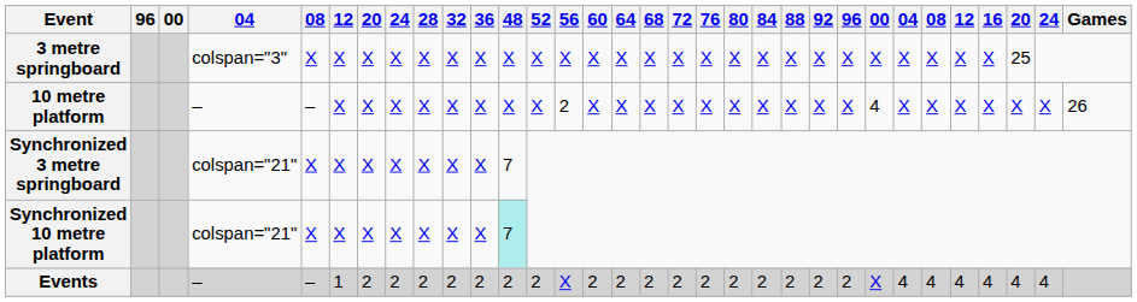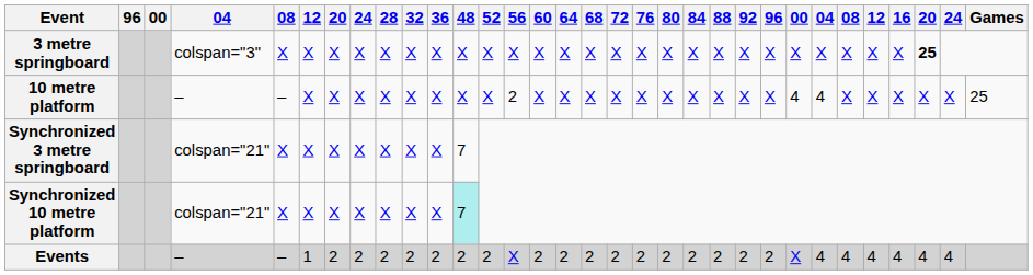 <table class="wikitable plainrowheaders defaultcenter sticky-header">
 <tr>
 <th scope="col">Event</th>
 <th scope="col"><span>96</span></th>
 <th scope="col"><span>00</span></th>
 <th scope="col"><a href='#'>04</a></th>
 <th scope="col"><a href='#'>08</a></th>
 <th scope="col"><a href='#'>12</a></th>
 <th scope="col"><a href='#'>20</a></th>
 <th scope="col"><a href='#'>24</a></th>
 <th scope="col"><a href='#'>28</a></th>
 <th scope="col"><a href='#'>32</a></th>
 <th scope="col"><a href='#'>36</a></th>
 <th scope="col"><a href='#'>48</a></th>
 <th scope="col"><a href='#'>52</a></th>
 <th scope="col"><a href='#'>56</a></th>
 <th scope="col"><a href='#'>60</a></th>
 <th scope="col"><a href='#'>64</a></th>
 <th scope="col"><a href='#'>68</a></th>
 <th scope="col"><a href='#'>72</a></th>
 <th scope="col"><a href='#'>76</a></th>
 <th scope="col"><a href='#'>80</a></th>
 <th scope="col"><a href='#'>84</a></th>
 <th scope="col"><a href='#'>88</a></th>
 <th scope="col"><a href='#'>92</a></th>
 <th scope="col"><a href='#'>96</a></th>
 <th scope="col"><a href='#'>00</a></th>
 <th scope="col"><a href='#'>04</a></th>
 <th scope="col"><a href='#'>08</a></th>
 <th scope="col"><a href='#'>12</a></th>
 <th scope="col"><a href='#'>16</a></th>
 <th scope="col"><a href='#'>20</a></th>
 <th scope="col"><a href='#'>24</a></th>
 <th scope="col">Games</th>
 </tr>
 <tr>
 <th scope="row">3 metre springboard</th>
 <td bgcolor=lightgray></td>
 <td bgcolor=lightgray></td>
 <td>colspan="3"</td>
 <td><a href='#'>X</a></td>
 <td><a href='#'>X</a></td>
 <td><a href='#'>X</a></td>
 <td><a href='#'>X</a></td>
 <td><a href='#'>X</a></td>
 <td><a href='#'>X</a></td>
 <td><a href='#'>X</a></td>
 <td><a href='#'>X</a></td>
 <td><a href='#'>X</a></td>
 <td><a href='#'>X</a></td>
 <td><a href='#'>X</a></td>
 <td><a href='#'>X</a></td>
 <td><a href='#'>X</a></td>
 <td><a href='#'>X</a></td>
 <td><a href='#'>X</a></td>
 <td><a href='#'>X</a></td>
 <td><a href='#'>X</a></td>
 <td><a href='#'>X</a></td>
 <td><a href='#'>X</a></td>
 <td><a href='#'>X</a></td>
 <td><a href='#'>X</a></td>
 <td><a href='#'>X</a></td>
 <td><a href='#'>X</a></td>
 <td><a href='#'>X</a></td>
 <td><a href='#'>X</a></td>
-<td>25</td>
+<td><strong>25</strong></td>
 </tr>
 <tr>
 <th scope="row">10 metre platform</th>
 <td bgcolor=lightgray></td>
 <td bgcolor=lightgray></td>
 <td>–</td>
 <td>–</td>
 <td><a href='#'>X</a></td>
 <td><a href='#'>X</a></td>
 <td><a href='#'>X</a></td>
 <td><a href='#'>X</a></td>
 <td><a href='#'>X</a></td>
 <td><a href='#'>X</a></td>
 <td><a href='#'>X</a></td>
 <td><a href='#'>X</a></td>
 <td>2</td>
 <td><a href='#'>X</a></td>
 <td><a href='#'>X</a></td>
 <td><a href='#'>X</a></td>
 <td><a href='#'>X</a></td>
 <td><a href='#'>X</a></td>
 <td><a href='#'>X</a></td>
 <td><a href='#'>X</a></td>
 <td><a href='#'>X</a></td>
 <td><a href='#'>X</a></td>
 <td><a href='#'>X</a></td>
 <td>4</td>
+<td>4</td>
 <td><a href='#'>X</a></td>
 <td><a href='#'>X</a></td>
 <td><a href='#'>X</a></td>
 <td><a href='#'>X</a></td>
 <td><a href='#'>X</a></td>
-<td><a href='#'>X</a></td>
-<td>26</td>
+<td>25</td>
 </tr>
 <tr>
 <th scope="row">Synchronized 3 metre springboard</th>
 <td bgcolor=lightgray></td>
 <td bgcolor=lightgray></td>
 <td>colspan="21"</td>
 <td><a href='#'>X</a></td>
 <td><a href='#'>X</a></td>
 <td><a href='#'>X</a></td>
 <td><a href='#'>X</a></td>
 <td><a href='#'>X</a></td>
 <td><a href='#'>X</a></td>
 <td><a href='#'>X</a></td>
 <td>7</td>
 </tr>
 <tr>
 <th scope="row">Synchronized 10 metre platform</th>
 <td bgcolor=lightgray></td>
 <td bgcolor=lightgray></td>
 <td>colspan="21"</td>
 <td><a href='#'>X</a></td>
 <td><a href='#'>X</a></td>
 <td><a href='#'>X</a></td>
 <td><a href='#'>X</a></td>
 <td><a href='#'>X</a></td>
 <td><a href='#'>X</a></td>
 <td><a href='#'>X</a></td>
 <td style="background: paleturquoise;">7</td>
 </tr>
 <tr bgcolor=lightgray>
 <th scope="row"><strong>Events</strong></th>
 <td bgcolor=lightgray></td>
 <td bgcolor=lightgray></td>
 <td>–</td>
 <td>–</td>
 <td>1</td>
 <td>2</td>
 <td>2</td>
 <td>2</td>
 <td>2</td>
 <td>2</td>
 <td>2</td>
 <td>2</td>
 <td><a href='#'>X</a></td>
 <td>2</td>
 <td>2</td>
 <td>2</td>
 <td>2</td>
 <td>2</td>
 <td>2</td>
 <td>2</td>
 <td>2</td>
 <td>2</td>
 <td>2</td>
 <td><a href='#'>X</a></td>
 <td>4</td>
 <td>4</td>
 <td>4</td>
 <td>4</td>
 <td>4</td>
 <td>4</td>
 <td></td>
 </tr>
 </table>
